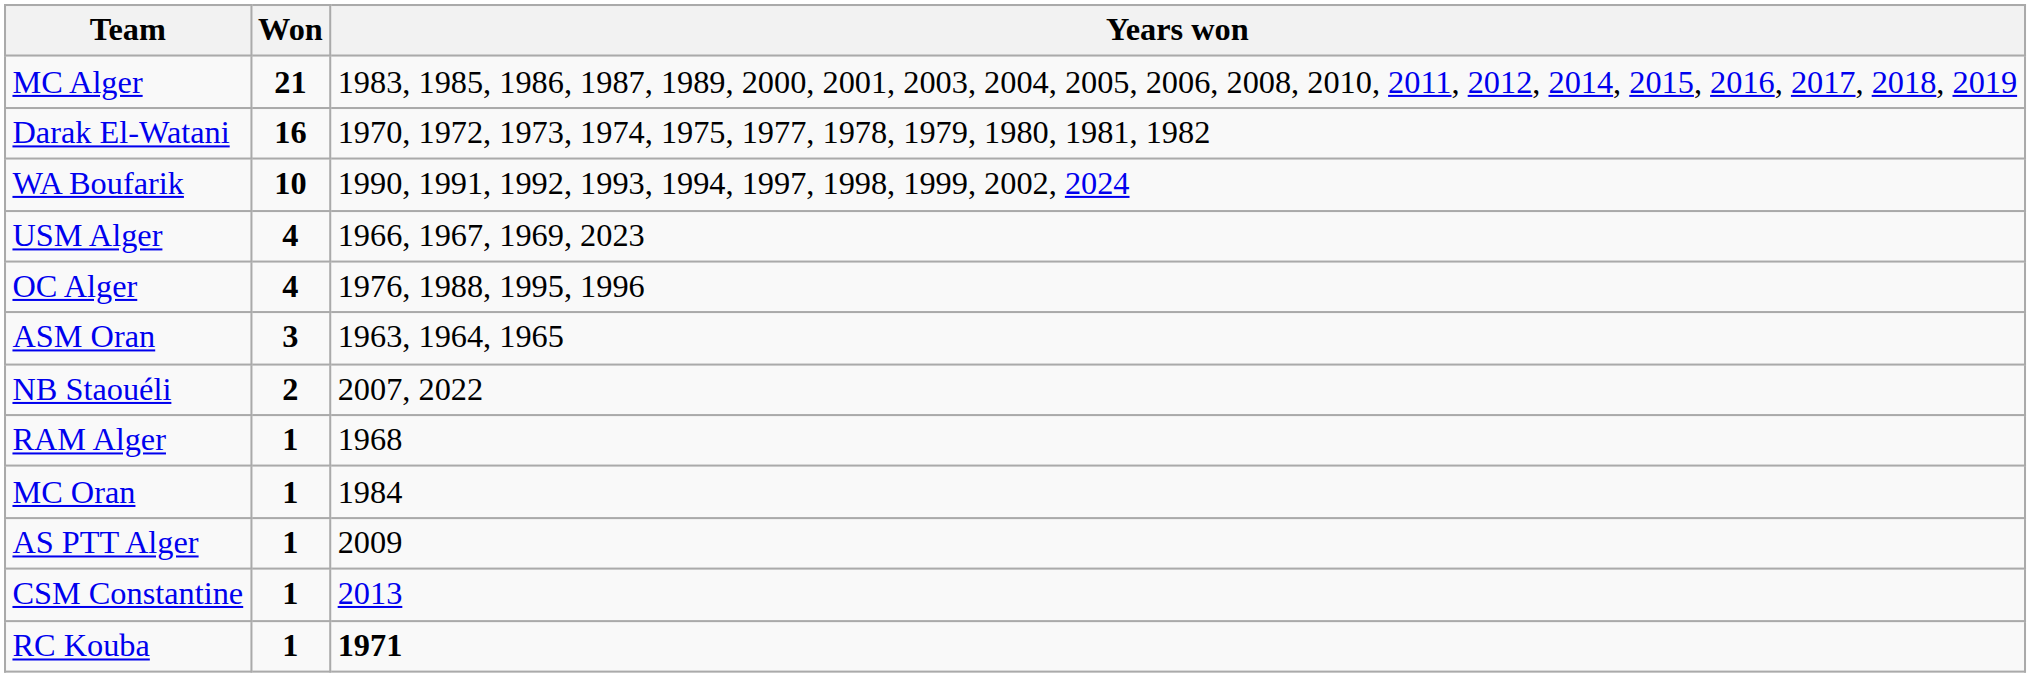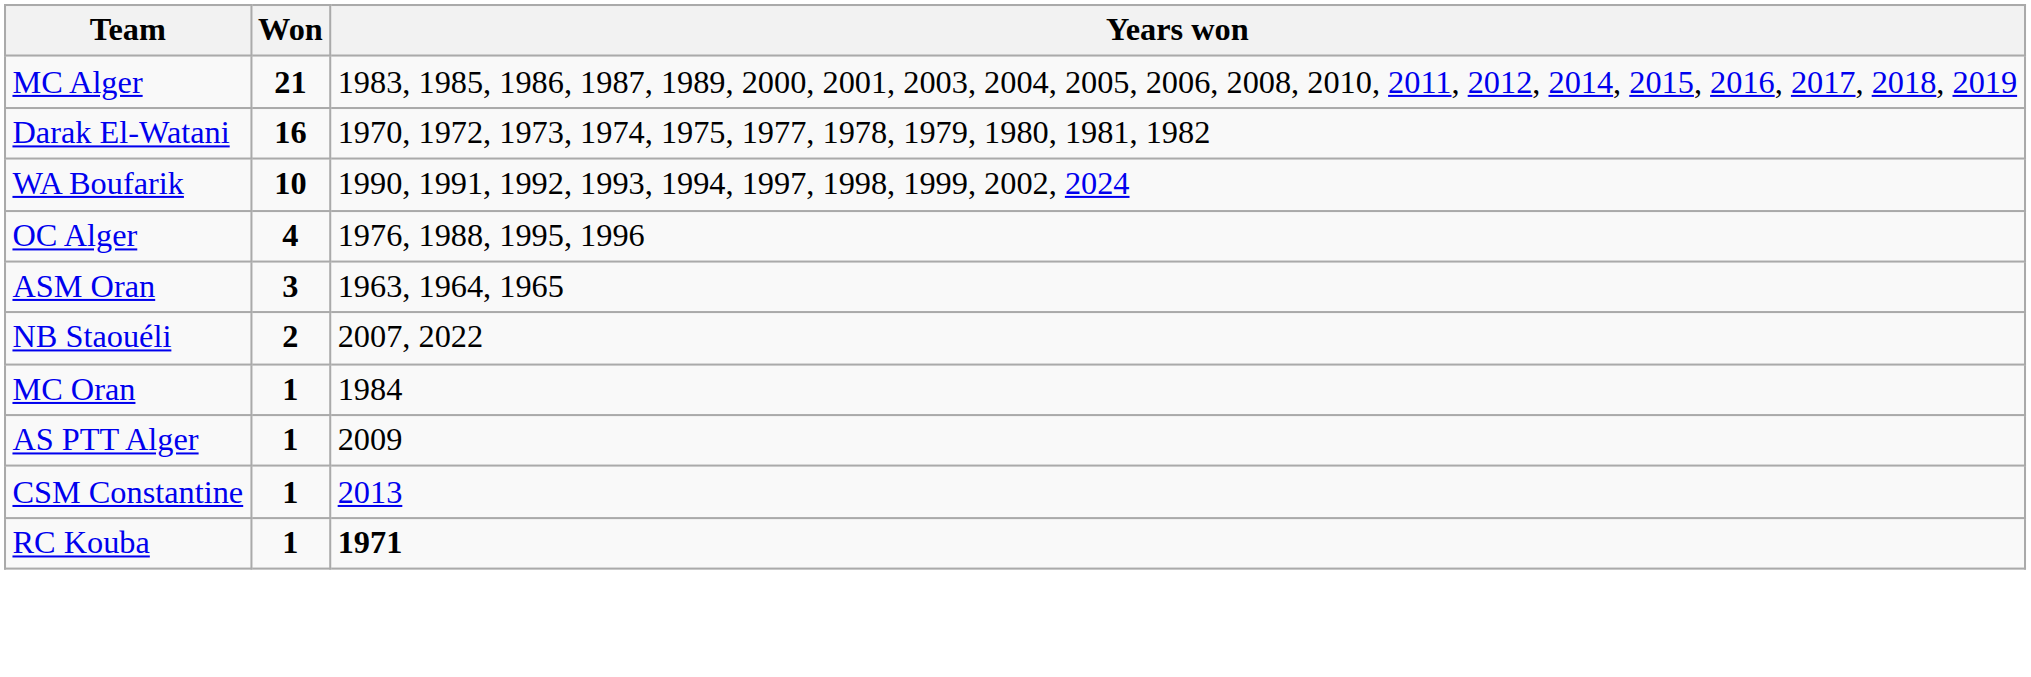 <table class="wikitable unsortable">
 <tr>
 <th>Team</th>
 <th>Won</th>
 <th>Years won</th>
 </tr>
 <tr>
 <td><a href='#'>MC Alger</a></td>
 <td align=center><strong>21</strong></td>
 <td>1983, 1985, 1986, 1987, 1989, 2000, 2001, 2003, 2004, 2005, 2006, 2008, 2010, <a href='#'>2011</a>, <a href='#'>2012</a>, <a href='#'>2014</a>, <a href='#'>2015</a>, <a href='#'>2016</a>, <a href='#'>2017</a>, <a href='#'>2018</a>, <a href='#'>2019</a></td>
 </tr>
 <tr>
 <td><a href='#'>Darak El-Watani</a></td>
 <td align=center><strong>16</strong></td>
 <td>1970, 1972, 1973, 1974, 1975, 1977, 1978, 1979, 1980, 1981, 1982</td>
 </tr>
 <tr>
 <td><a href='#'>WA Boufarik</a></td>
 <td align=center><strong>10</strong></td>
 <td>1990, 1991, 1992, 1993, 1994, 1997, 1998, 1999, 2002, <a href='#'>2024</a></td>
 </tr>
 <tr>
-<td><a href='#'>USM Alger</a></td>
-<td align=center><strong>4</strong></td>
-<td>1966, 1967, 1969, 2023</td>
-</tr>
-<tr>
 <td><a href='#'>OC Alger</a></td>
 <td align=center><strong>4</strong></td>
 <td>1976, 1988, 1995, 1996</td>
 </tr>
 <tr>
 <td><a href='#'>ASM Oran</a></td>
 <td align=center><strong>3</strong></td>
 <td>1963, 1964, 1965</td>
 </tr>
 <tr>
 <td><a href='#'>NB Staouéli</a></td>
 <td align=center><strong>2</strong></td>
 <td>2007, 2022</td>
-</tr>
-<tr>
-<td><a href='#'>RAM Alger</a></td>
-<td align=center><strong>1</strong></td>
-<td>1968</td>
 </tr>
 <tr>
 <td><a href='#'>MC Oran</a></td>
 <td align=center><strong>1</strong></td>
 <td>1984</td>
 </tr>
 <tr>
 <td><a href='#'>AS PTT Alger</a></td>
 <td align=center><strong>1</strong></td>
 <td>2009</td>
 </tr>
 <tr>
 <td><a href='#'>CSM Constantine</a></td>
 <td align=center><strong>1</strong></td>
 <td><a href='#'>2013</a></td>
 </tr>
 <tr>
 <td><a href='#'>RC Kouba</a></td>
 <td align=center><strong>1</strong></td>
 <td><strong>1971</strong></td>
 </tr>
 </table>
